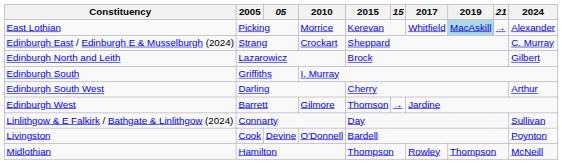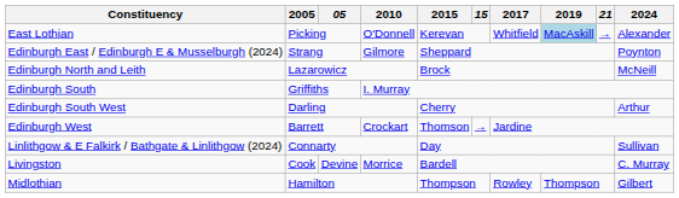 <table class="wikitable">
 <tr>
 <th>Constituency</th>
 <th>2005</th>
 <th><em>05</em></th>
 <th>2010</th>
 <th>2015</th>
 <th><em>15</em></th>
 <th>2017</th>
 <th>2019</th>
 <th><em>21</em></th>
 <th>2024</th>
 </tr>
 <tr>
 <td><a href='#'>East Lothian</a></td>
 <td colspan="2"><a href='#'>Picking</a></td>
-<td><a href='#'>Morrice</a></td>
+<td><a href='#'>O'Donnell</a></td>
 <td colspan="2"><a href='#'>Kerevan</a></td>
 <td><a href='#'>Whitfield</a></td>
 <td style="background: lightblue;"><a href='#'>MacAskill</a></td>
 <td><a href='#'>→</a></td>
 <td><a href='#'>Alexander</a></td>
 </tr>
 <tr>
 <td><a href='#'>Edinburgh East</a> / <a href='#'>Edinburgh E & Musselburgh</a> (2024)</td>
 <td colspan="2"><a href='#'>Strang</a></td>
-<td><a href='#'>Crockart</a></td>
+<td><a href='#'>Gilmore</a></td>
 <td colspan="5"><a href='#'>Sheppard</a></td>
-<td><a href='#'>C. Murray</a></td>
+<td><a href='#'>Poynton</a></td>
 </tr>
 <tr>
 <td><a href='#'>Edinburgh North and Leith</a></td>
 <td colspan="3"><a href='#'>Lazarowicz</a></td>
 <td colspan="5"><a href='#'>Brock</a></td>
-<td><a href='#'>Gilbert</a></td>
+<td><a href='#'>McNeill</a></td>
 </tr>
 <tr>
 <td><a href='#'>Edinburgh South</a></td>
 <td colspan="2"><a href='#'>Griffiths</a></td>
 <td colspan="7"><a href='#'>I. Murray</a></td>
 </tr>
 <tr>
 <td><a href='#'>Edinburgh South West</a></td>
 <td colspan="3"><a href='#'>Darling</a></td>
 <td colspan="5"><a href='#'>Cherry</a></td>
 <td><a href='#'>Arthur</a></td>
 </tr>
 <tr>
 <td><a href='#'>Edinburgh West</a></td>
 <td colspan="2"><a href='#'>Barrett</a></td>
-<td><a href='#'>Gilmore</a></td>
+<td><a href='#'>Crockart</a></td>
 <td><a href='#'>Thomson</a></td>
 <td><a href='#'>→</a></td>
 <td colspan="4"><a href='#'>Jardine</a></td>
 </tr>
 <tr>
 <td><a href='#'>Linlithgow & E Falkirk</a> / <a href='#'>Bathgate & Linlithgow</a> (2024)</td>
 <td colspan="3"><a href='#'>Connarty</a></td>
 <td colspan="5"><a href='#'>Day</a></td>
 <td><a href='#'>Sullivan</a></td>
 </tr>
 <tr>
 <td><a href='#'>Livingston</a></td>
 <td><a href='#'>Cook</a></td>
 <td><a href='#'>Devine</a></td>
-<td><a href='#'>O'Donnell</a></td>
+<td><a href='#'>Morrice</a></td>
 <td colspan="5"><a href='#'>Bardell</a></td>
-<td><a href='#'>Poynton</a></td>
+<td><a href='#'>C. Murray</a></td>
 </tr>
 <tr>
 <td><a href='#'>Midlothian</a></td>
 <td colspan="3"><a href='#'>Hamilton</a></td>
 <td colspan="2"><a href='#'>Thompson</a></td>
 <td><a href='#'>Rowley</a></td>
 <td colspan="2"><a href='#'>Thompson</a></td>
-<td><a href='#'>McNeill</a></td>
+<td><a href='#'>Gilbert</a></td>
 </tr>
 </table>
